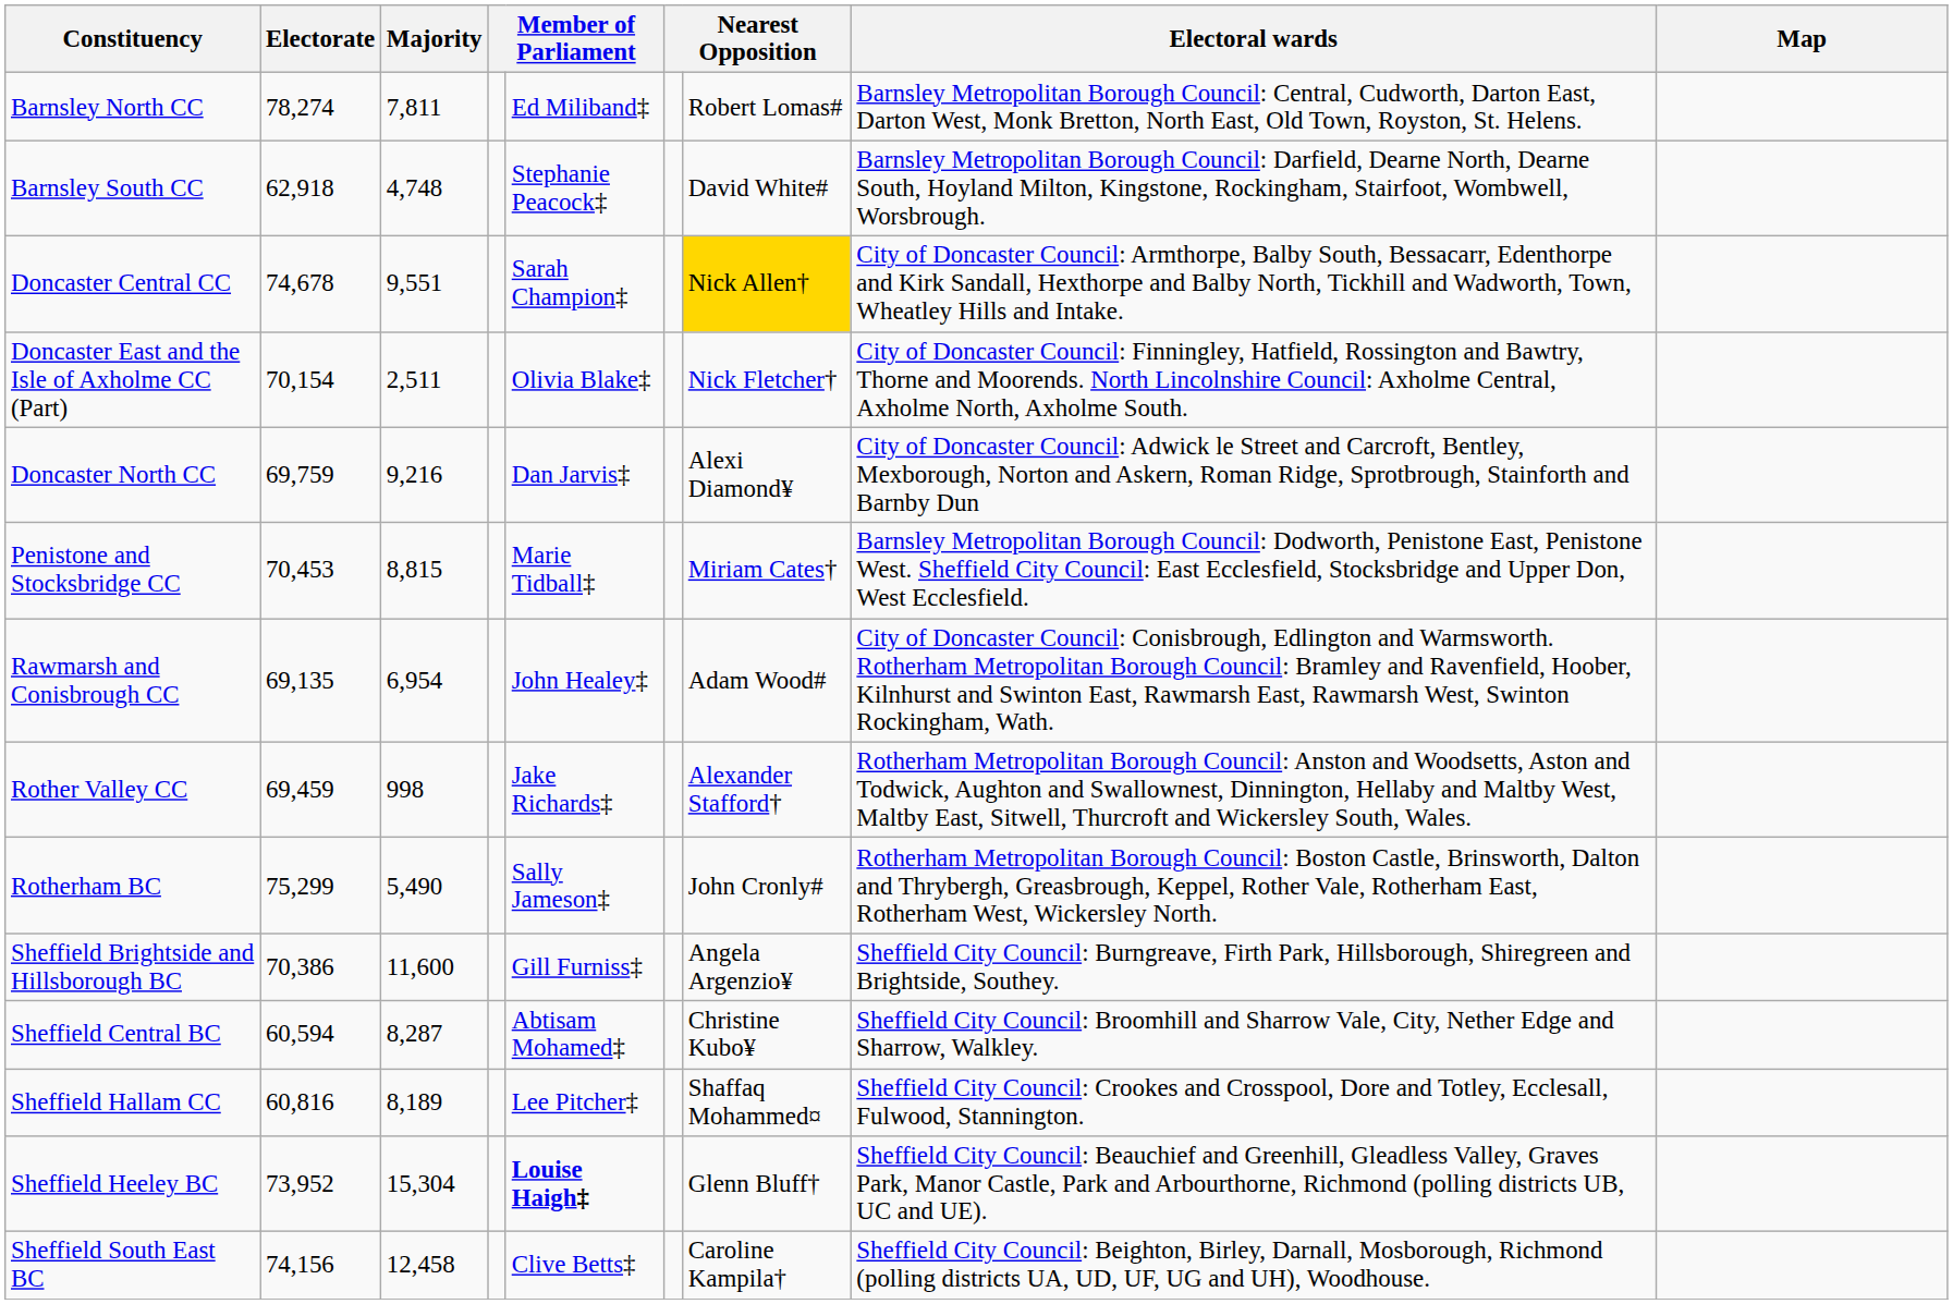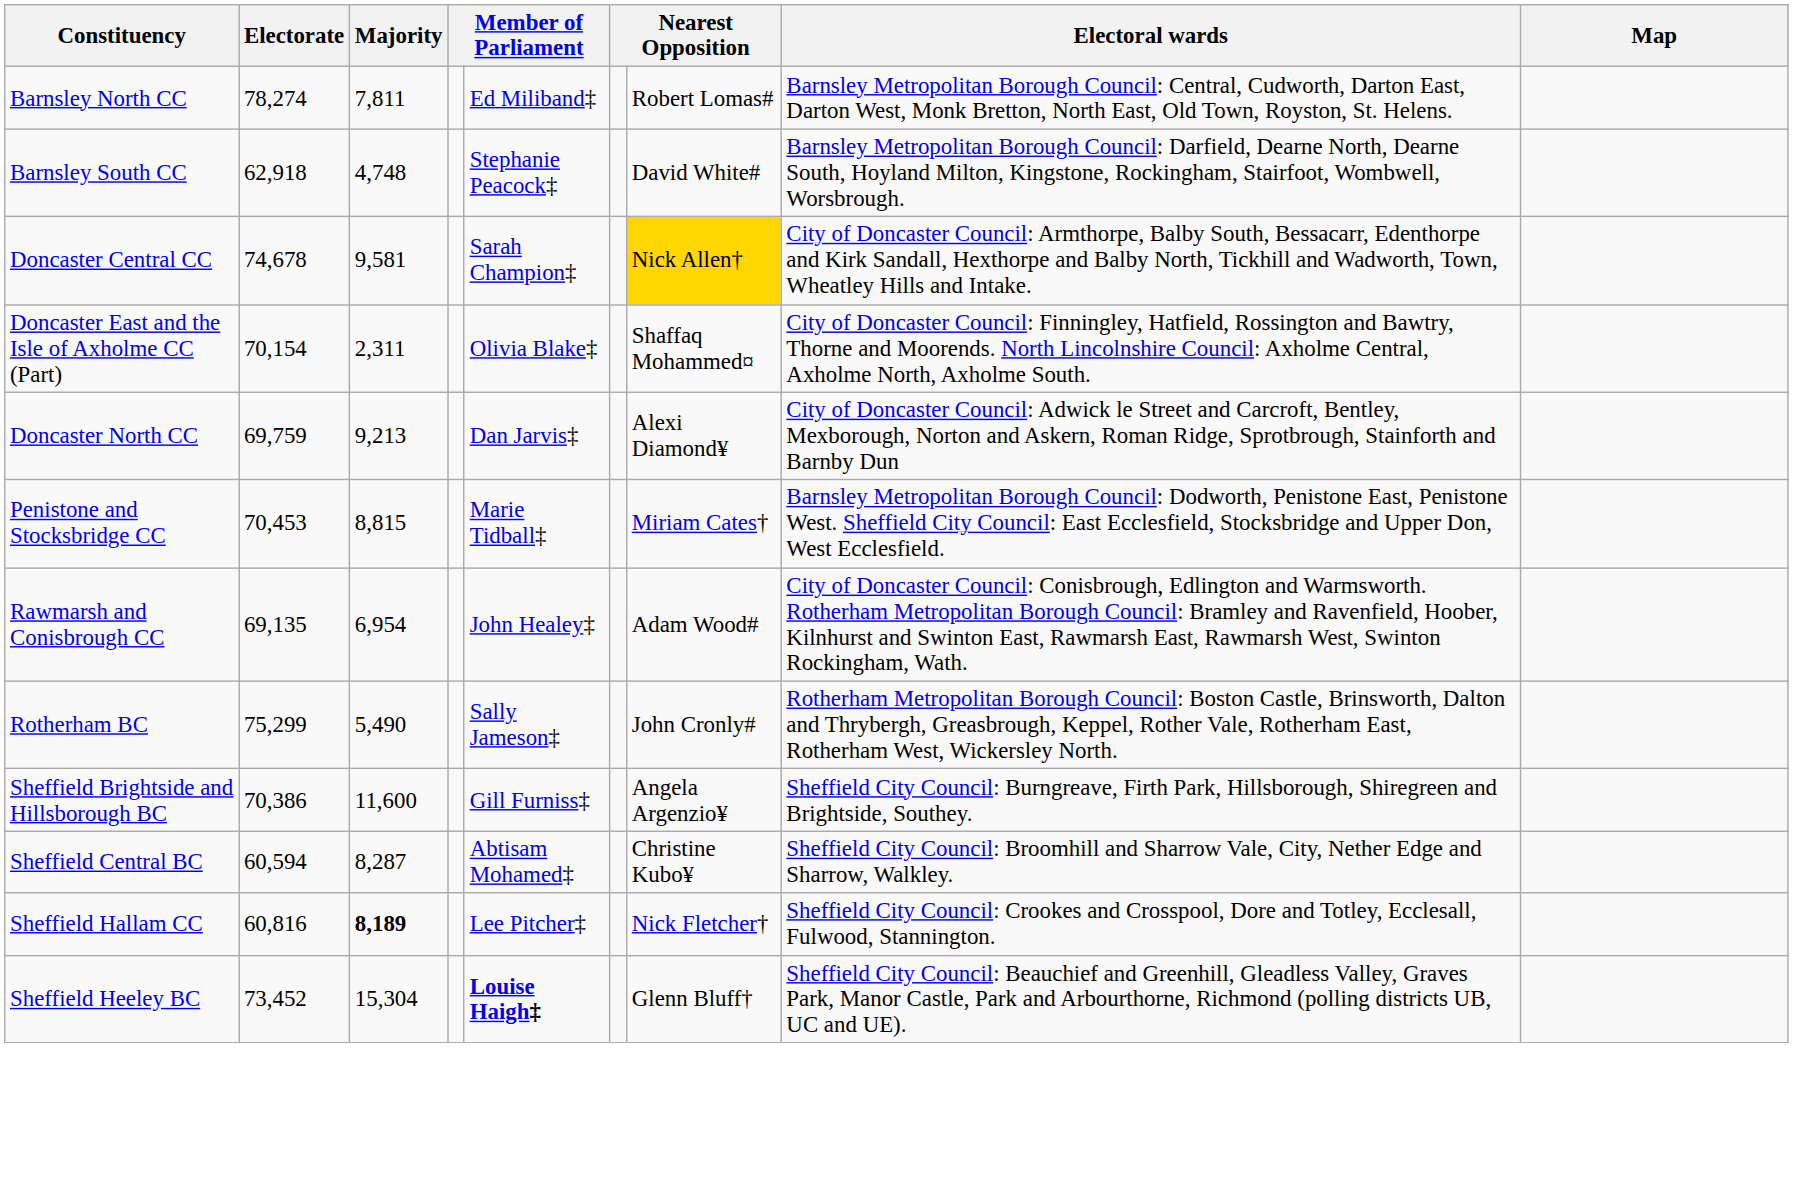 <table class="wikitable sortable">
 <tr>
 <th rowspan=1>Constituency</th>
 <th rowspan=1>Electorate</th>
 <th rowspan=1>Majority</th>
 <th colspan=2 class=unsortable><a href='#'>Member of Parliament</a></th>
 <th colspan=2 class=unsortable>Nearest Opposition</th>
 <th rowspan=1 class=unsortable>Electoral wards</th>
 <th rowspan=1 class="unsortable" style="width:15%;">Map</th>
 </tr>
 <tr>
 <td><a href='#'>Barnsley North CC</a></td>
 <td>78,274</td>
 <td>7,811</td>
 <td style="color:inherit;background:"> </td>
 <td><a href='#'>Ed Miliband</a>‡</td>
 <td style="color:inherit;background:"> </td>
 <td>Robert Lomas#</td>
 <td><a href='#'>Barnsley Metropolitan Borough Council</a>: Central, Cudworth, Darton East, Darton West, Monk Bretton, North East, Old Town, Royston, St. Helens.</td>
 <td></td>
 </tr>
 <tr>
 <td><a href='#'>Barnsley South CC</a></td>
 <td>62,918</td>
 <td>4,748</td>
 <td style="color:inherit;background:"> </td>
 <td><a href='#'>Stephanie Peacock</a>‡</td>
 <td style="color:inherit;background:"> </td>
 <td>David White#</td>
 <td><a href='#'>Barnsley Metropolitan Borough Council</a>: Darfield, Dearne North, Dearne South, Hoyland Milton, Kingstone, Rockingham, Stairfoot, Wombwell, Worsbrough.</td>
 <td></td>
 </tr>
 <tr>
 <td><a href='#'>Doncaster Central CC</a></td>
 <td>74,678</td>
-<td>9,551</td>
+<td>9,581</td>
 <td style="color:inherit;background:"> </td>
 <td><a href='#'>Sarah Champion</a>‡</td>
 <td style="color:inherit;background:"> </td>
 <td style="background: gold;">Nick Allen†</td>
 <td><a href='#'>City of Doncaster Council</a>: Armthorpe, Balby South, Bessacarr, Edenthorpe and Kirk Sandall, Hexthorpe and Balby North, Tickhill and Wadworth, Town, Wheatley Hills and Intake.</td>
 <td></td>
 </tr>
 <tr>
 <td><a href='#'>Doncaster East and the Isle of Axholme CC</a> (Part)</td>
 <td>70,154</td>
-<td>2,511</td>
+<td>2,311</td>
 <td style="color:inherit;background:"> </td>
 <td><a href='#'>Olivia Blake</a>‡</td>
 <td style="color:inherit;background:"> </td>
-<td><a href='#'>Nick Fletcher</a>†</td>
+<td>Shaffaq Mohammed¤</td>
 <td><a href='#'>City of Doncaster Council</a>: Finningley, Hatfield, Rossington and Bawtry, Thorne and Moorends. <a href='#'>North Lincolnshire Council</a>: Axholme Central, Axholme North, Axholme South.</td>
 <td></td>
 </tr>
 <tr>
 <td><a href='#'>Doncaster North CC</a></td>
 <td>69,759</td>
-<td>9,216</td>
+<td>9,213</td>
 <td style="color:inherit;background:"> </td>
 <td><a href='#'>Dan Jarvis</a>‡</td>
 <td style="color:inherit;background:"> </td>
 <td>Alexi Diamond¥</td>
 <td><a href='#'>City of Doncaster Council</a>: Adwick le Street and Carcroft, Bentley, Mexborough, Norton and Askern, Roman Ridge, Sprotbrough, Stainforth and Barnby Dun</td>
 <td></td>
 </tr>
 <tr>
 <td><a href='#'>Penistone and Stocksbridge CC</a></td>
 <td>70,453</td>
 <td>8,815</td>
 <td style="color:inherit;background:"> </td>
 <td><a href='#'>Marie Tidball</a>‡</td>
 <td style="color:inherit;background:"> </td>
 <td><a href='#'>Miriam Cates</a>†</td>
 <td><a href='#'>Barnsley Metropolitan Borough Council</a>: Dodworth, Penistone East, Penistone West. <a href='#'>Sheffield City Council</a>: East Ecclesfield, Stocksbridge and Upper Don, West Ecclesfield.</td>
 <td></td>
 </tr>
 <tr>
 <td><a href='#'>Rawmarsh and Conisbrough CC</a></td>
 <td>69,135</td>
 <td>6,954</td>
 <td style="color:inherit;background:"> </td>
 <td><a href='#'>John Healey</a>‡</td>
 <td style="color:inherit;background:"> </td>
 <td>Adam Wood#</td>
 <td><a href='#'>City of Doncaster Council</a>: Conisbrough, Edlington and Warmsworth. <a href='#'>Rotherham Metropolitan Borough Council</a>: Bramley and Ravenfield, Hoober, Kilnhurst and Swinton East, Rawmarsh East, Rawmarsh West, Swinton Rockingham, Wath.</td>
-<td></td>
-</tr>
-<tr>
-<td><a href='#'>Rother Valley CC</a></td>
-<td>69,459</td>
-<td>998</td>
-<td style="color:inherit;background:"> </td>
-<td><a href='#'>Jake Richards</a>‡</td>
-<td style="color:inherit;background:"> </td>
-<td><a href='#'>Alexander Stafford</a>†</td>
-<td><a href='#'>Rotherham Metropolitan Borough Council</a>: Anston and Woodsetts, Aston and Todwick, Aughton and Swallownest, Dinnington, Hellaby and Maltby West, Maltby East, Sitwell, Thurcroft and Wickersley South, Wales.</td>
 <td></td>
 </tr>
 <tr>
 <td><a href='#'>Rotherham BC</a></td>
 <td>75,299</td>
 <td>5,490</td>
 <td style="color:inherit;background:"> </td>
 <td><a href='#'>Sally Jameson</a>‡</td>
 <td style="color:inherit;background:"> </td>
 <td>John Cronly#</td>
 <td><a href='#'>Rotherham Metropolitan Borough Council</a>: Boston Castle, Brinsworth, Dalton and Thrybergh, Greasbrough, Keppel, Rother Vale, Rotherham East, Rotherham West, Wickersley North.</td>
 <td></td>
 </tr>
 <tr>
 <td><a href='#'>Sheffield Brightside and Hillsborough BC</a></td>
 <td>70,386</td>
 <td>11,600</td>
 <td style="color:inherit;background:"> </td>
 <td><a href='#'>Gill Furniss</a>‡</td>
 <td style="color:inherit;background:"> </td>
 <td>Angela Argenzio¥</td>
 <td><a href='#'>Sheffield City Council</a>: Burngreave, Firth Park, Hillsborough, Shiregreen and Brightside, Southey.</td>
 <td></td>
 </tr>
 <tr>
 <td><a href='#'>Sheffield Central BC</a></td>
 <td>60,594</td>
 <td>8,287</td>
 <td style="color:inherit;background:"> </td>
 <td><a href='#'>Abtisam Mohamed</a>‡</td>
 <td style="color:inherit;background:"> </td>
 <td>Christine Kubo¥</td>
 <td><a href='#'>Sheffield City Council</a>: Broomhill and Sharrow Vale, City, Nether Edge and Sharrow, Walkley.</td>
 <td></td>
 </tr>
 <tr>
 <td><a href='#'>Sheffield Hallam CC</a></td>
 <td>60,816</td>
-<td>8,189</td>
+<td><strong>8,189</strong></td>
 <td style="color:inherit;background:"></td>
 <td><a href='#'>Lee Pitcher</a>‡</td>
 <td style="color:inherit;background:"> </td>
-<td>Shaffaq Mohammed¤</td>
+<td><a href='#'>Nick Fletcher</a>†</td>
 <td><a href='#'>Sheffield City Council</a>: Crookes and Crosspool, Dore and Totley, Ecclesall, Fulwood, Stannington.</td>
 <td></td>
 </tr>
 <tr>
 <td><a href='#'>Sheffield Heeley BC</a></td>
-<td>73,952</td>
+<td>73,452</td>
 <td>15,304</td>
 <td style="color:inherit;background:"> </td>
 <td><strong><a href='#'>Louise Haigh</a>‡</strong></td>
 <td style="color:inherit;background:"> </td>
 <td>Glenn Bluff†</td>
 <td><a href='#'>Sheffield City Council</a>: Beauchief and Greenhill, Gleadless Valley, Graves Park, Manor Castle, Park and Arbourthorne, Richmond (polling districts UB, UC and UE).</td>
 <td></td>
 </tr>
 <tr>
-<td><a href='#'>Sheffield South East BC</a></td>
-<td>74,156</td>
-<td>12,458</td>
-<td style="color:inherit;background:"> </td>
-<td><a href='#'>Clive Betts</a>‡</td>
-<td style="color:inherit;background:"> </td>
-<td>Caroline Kampila†</td>
-<td><a href='#'>Sheffield City Council</a>: Beighton, Birley, Darnall, Mosborough, Richmond (polling districts UA, UD, UF, UG and UH), Woodhouse.</td>
-<td></td>
-</tr>
-<tr>
 </tr>
 </table>
